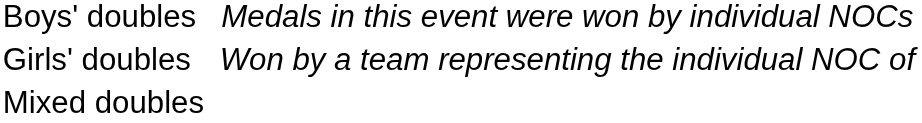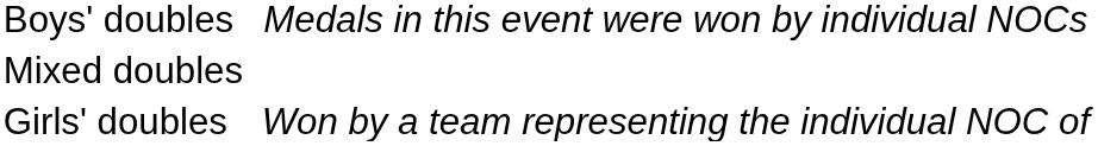 <table>
 <tr>
 <td>Boys' doubles<br></td>
 <td colspan=3 align=center><em>Medals in this event were won by individual NOCs</em></td>
+</tr>
+<tr>
+<td>Mixed doubles<br></td>
+<td> <br> </td>
+<td> <br> </td>
+<td> <br> </td>
 </tr>
 <tr>
 <td>Girls' doubles<br></td>
 <td> <br> </td>
 <td><em>Won by a team representing the individual NOC of </em></td>
 <td> <br> </td>
 </tr>
 <tr>
-<td>Mixed doubles<br></td>
-<td> <br> </td>
-<td> <br> </td>
-<td> <br> </td>
-</tr>
-<tr>
 </tr>
 </table>
